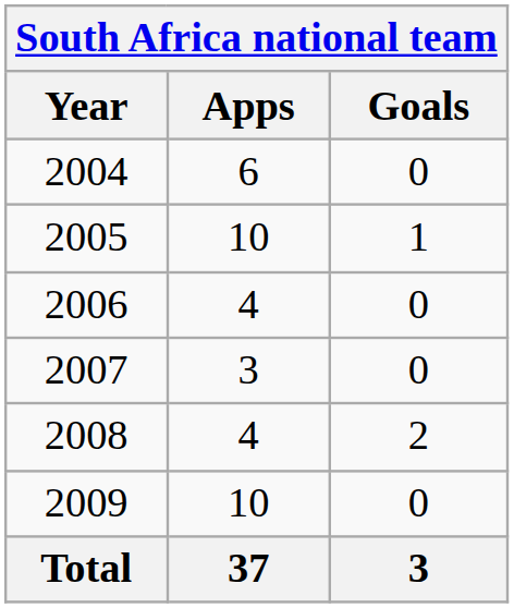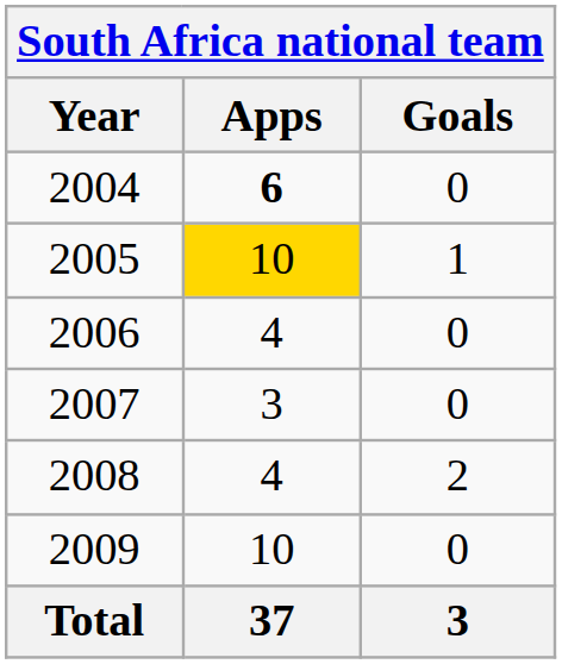 <table class="wikitable" style="text-align:center">
 <tr>
 <th colspan=3><a href='#'>South Africa national team</a></th>
 </tr>
 <tr>
 <th>Year</th>
 <th>Apps</th>
 <th>Goals</th>
 </tr>
 <tr>
 <td>2004</td>
-<td>6</td>
+<td><strong>6</strong></td>
 <td>0</td>
 </tr>
 <tr>
 <td>2005</td>
-<td>10</td>
+<td style="background: gold;">10</td>
 <td>1</td>
 </tr>
 <tr>
 <td>2006</td>
 <td>4</td>
 <td>0</td>
 </tr>
 <tr>
 <td>2007</td>
 <td>3</td>
 <td>0</td>
 </tr>
 <tr>
 <td>2008</td>
 <td>4</td>
 <td>2</td>
 </tr>
 <tr>
 <td>2009</td>
 <td>10</td>
 <td>0</td>
 </tr>
 <tr>
 <th>Total</th>
 <th>37</th>
 <th>3</th>
 </tr>
 </table>
